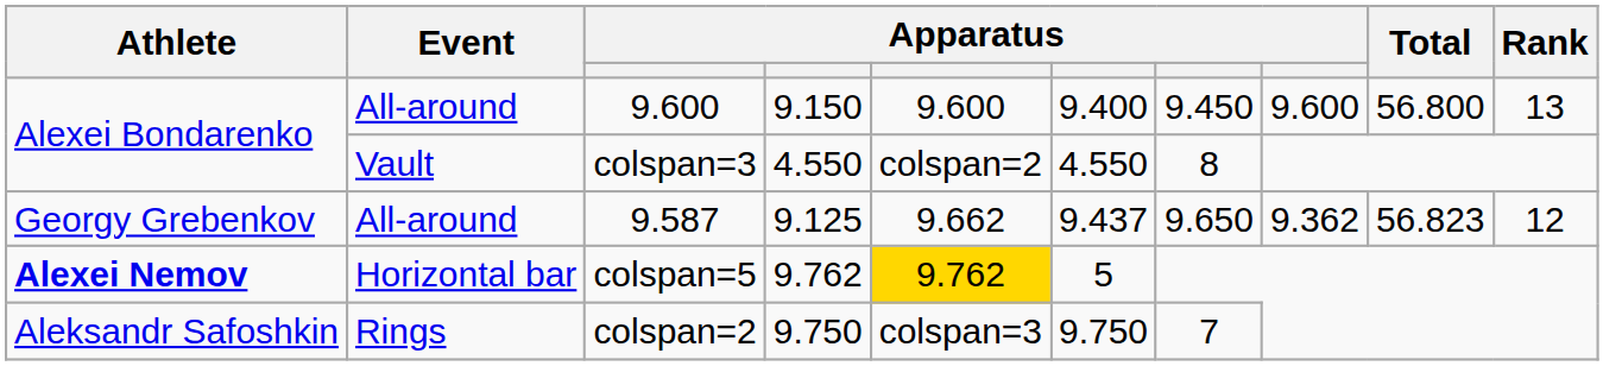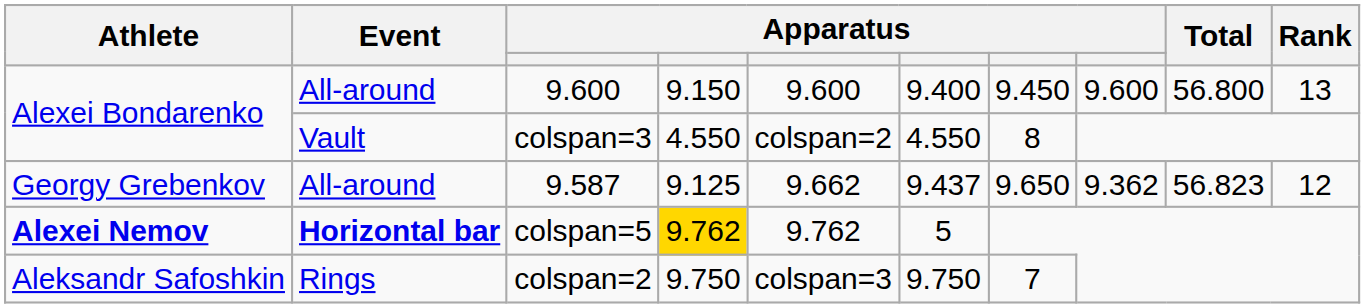 <table class="wikitable" style="font-size:90%">
 <tr>
 <th rowspan=2>Athlete</th>
 <th rowspan=2>Event</th>
 <th colspan =6>Apparatus</th>
 <th rowspan=2>Total</th>
 <th rowspan=2>Rank</th>
 </tr>
 <tr style="font-size:95%">
 <th></th>
 <th></th>
 <th></th>
 <th></th>
 <th></th>
 <th></th>
 </tr>
 <tr align=center>
 <td align=left rowspan=2><a href='#'>Alexei Bondarenko</a></td>
 <td align=left><a href='#'>All-around</a></td>
 <td>9.600</td>
 <td>9.150</td>
 <td>9.600</td>
 <td>9.400</td>
 <td>9.450</td>
 <td>9.600</td>
 <td>56.800</td>
 <td>13</td>
 </tr>
 <tr align=center>
 <td align=left><a href='#'>Vault</a></td>
 <td>colspan=3 </td>
 <td>4.550</td>
 <td>colspan=2 </td>
 <td>4.550</td>
 <td>8</td>
 </tr>
 <tr align=center>
 <td align=left><a href='#'>Georgy Grebenkov</a></td>
 <td align=left><a href='#'>All-around</a></td>
 <td>9.587</td>
 <td>9.125</td>
 <td>9.662</td>
 <td>9.437</td>
 <td>9.650</td>
 <td>9.362</td>
 <td>56.823</td>
 <td>12</td>
 </tr>
 <tr align=center>
 <td align=left><strong><a href='#'>Alexei Nemov</a></strong></td>
-<td align=left><a href='#'>Horizontal bar</a></td>
+<td align=left><strong><a href='#'>Horizontal bar</a></strong></td>
 <td>colspan=5 </td>
+<td style="background: gold;">9.762</td>
 <td>9.762</td>
-<td style="background: gold;">9.762</td>
 <td>5</td>
 </tr>
 <tr align=center>
 <td align=left><a href='#'>Aleksandr Safoshkin</a></td>
 <td align=left><a href='#'>Rings</a></td>
 <td>colspan=2 </td>
 <td>9.750</td>
 <td>colspan=3 </td>
 <td>9.750</td>
 <td>7</td>
 </tr>
 </table>
